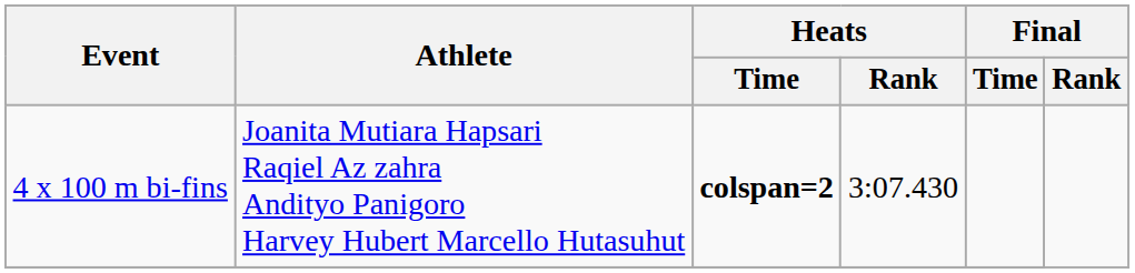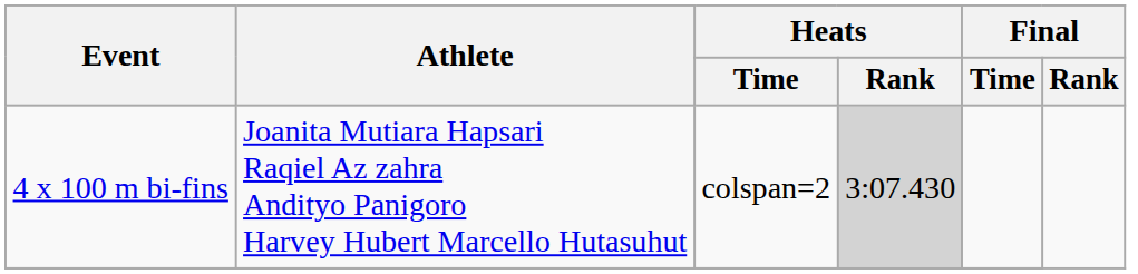 <table class=wikitable style="font-size:90%">
 <tr>
 <th rowspan="2">Event</th>
 <th rowspan="2">Athlete</th>
 <th colspan="2">Heats</th>
 <th colspan="2">Final</th>
 </tr>
 <tr style="font-size:95%">
 <th>Time</th>
 <th>Rank</th>
 <th>Time</th>
 <th>Rank</th>
 </tr>
 <tr align=center>
 <td align="left"><a href='#'>4 x 100 m bi-fins</a></td>
 <td align=left><a href='#'>Joanita Mutiara Hapsari</a><br><a href='#'>Raqiel Az zahra</a><br> <a href='#'>Andityo Panigoro</a><br><a href='#'>Harvey Hubert Marcello Hutasuhut</a></td>
-<td><strong>colspan=2 </strong></td>
-<td>3:07.430</td>
+<td>colspan=2 </td>
+<td style="background: lightgrey;">3:07.430</td>
 <td></td>
 </tr>
 <tr>
 </tr>
 </table>
